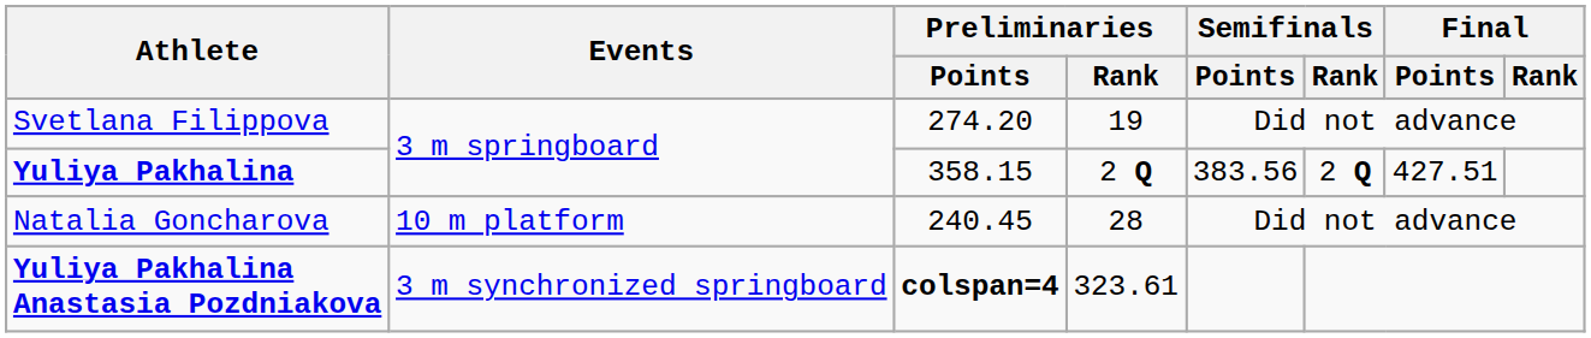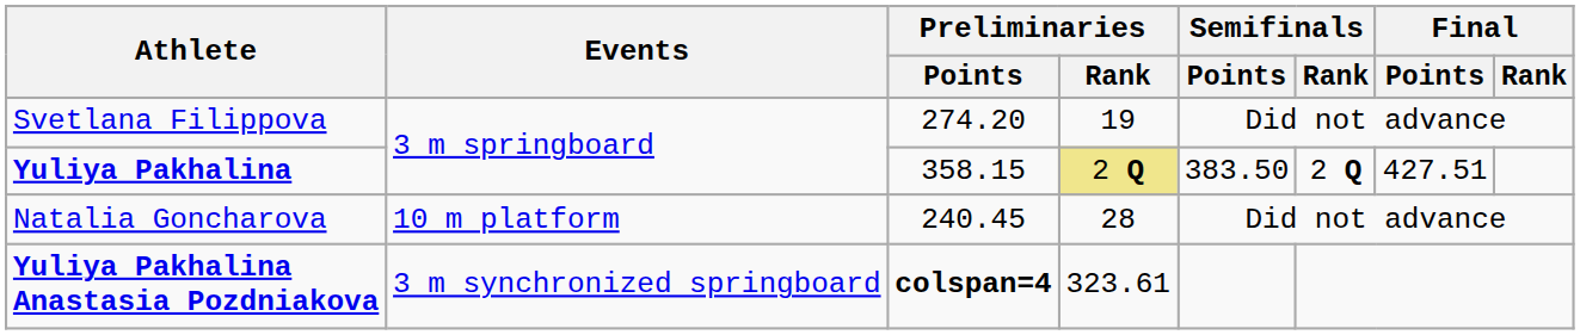 <table class=wikitable style="font-size:90%">
 <tr>
 <th rowspan="2">Athlete</th>
 <th rowspan="2">Events</th>
 <th colspan="2">Preliminaries</th>
 <th colspan="2">Semifinals</th>
 <th colspan="2">Final</th>
 </tr>
 <tr style="font-size:95%">
 <th>Points</th>
 <th>Rank</th>
 <th>Points</th>
 <th>Rank</th>
 <th>Points</th>
 <th>Rank</th>
 </tr>
 <tr align=center>
 <td align=left><a href='#'>Svetlana Filippova</a></td>
 <td align=left rowspan=2><a href='#'>3 m springboard</a></td>
 <td>274.20</td>
 <td>19</td>
 <td colspan=4>Did not advance</td>
 </tr>
 <tr align=center>
 <td align=left><strong><a href='#'>Yuliya Pakhalina</a></strong></td>
 <td>358.15</td>
-<td>2 <strong>Q</strong></td>
-<td>383.56</td>
+<td style="background: khaki;">2 <strong>Q</strong></td>
+<td>383.50</td>
 <td>2 <strong>Q</strong></td>
 <td>427.51</td>
 <td></td>
 </tr>
 <tr align=center>
 <td align=left><a href='#'>Natalia Goncharova</a></td>
 <td align=left><a href='#'>10 m platform</a></td>
 <td>240.45</td>
 <td>28</td>
 <td colspan=4>Did not advance</td>
 </tr>
 <tr align=center>
 <td align=left><strong><a href='#'>Yuliya Pakhalina</a> <br><a href='#'>Anastasia Pozdniakova</a></strong></td>
 <td align=left><a href='#'>3 m synchronized springboard</a></td>
 <td><strong>colspan=4 </strong></td>
 <td>323.61</td>
 <td></td>
 </tr>
 </table>
